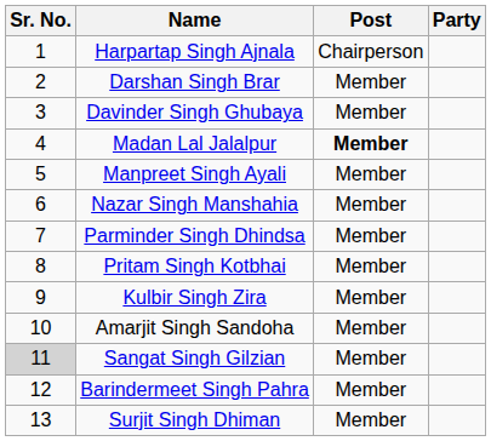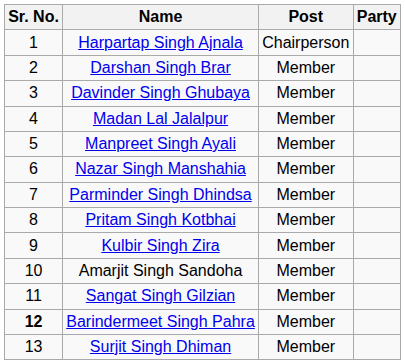 <table class="wikitable sortable">
 <tr>
 <th>Sr. No.</th>
 <th>Name</th>
 <th>Post</th>
 <th colspan="2">Party</th>
 </tr>
 <tr align="center">
 <td>1</td>
 <td><a href='#'>Harpartap Singh Ajnala</a></td>
 <td>Chairperson</td>
 <td></td>
 </tr>
 <tr align="center">
 <td>2</td>
 <td><a href='#'>Darshan Singh Brar</a></td>
 <td>Member</td>
 <td></td>
 </tr>
 <tr align="center">
 <td>3</td>
 <td><a href='#'>Davinder Singh Ghubaya</a></td>
 <td>Member</td>
 <td></td>
 </tr>
 <tr align="center">
 <td>4</td>
 <td><a href='#'>Madan Lal Jalalpur</a></td>
-<td><strong>Member</strong></td>
+<td>Member</td>
 <td></td>
 </tr>
 <tr align="center">
 <td>5</td>
 <td><a href='#'>Manpreet Singh Ayali</a></td>
 <td>Member</td>
 <td></td>
 </tr>
 <tr align="center">
 <td>6</td>
 <td><a href='#'>Nazar Singh Manshahia</a></td>
 <td>Member</td>
 <td></td>
 </tr>
 <tr align="center">
 <td>7</td>
 <td><a href='#'>Parminder Singh Dhindsa</a></td>
 <td>Member</td>
 <td></td>
 </tr>
 <tr align="center">
 <td>8</td>
 <td><a href='#'>Pritam Singh Kotbhai</a></td>
 <td>Member</td>
 <td></td>
 </tr>
 <tr align="center">
 <td>9</td>
 <td><a href='#'>Kulbir Singh Zira</a></td>
 <td>Member</td>
 <td></td>
 </tr>
 <tr align="center">
 <td>10</td>
 <td>Amarjit Singh Sandoha</td>
 <td>Member</td>
 <td></td>
 </tr>
 <tr align="center">
-<td style="background: lightgrey;">11</td>
+<td>11</td>
 <td><a href='#'>Sangat Singh Gilzian</a></td>
 <td>Member</td>
 <td></td>
 </tr>
 <tr align="center">
-<td>12</td>
+<td><strong>12</strong></td>
 <td><a href='#'>Barindermeet Singh Pahra</a></td>
 <td>Member</td>
 <td></td>
 </tr>
 <tr align="center">
 <td>13</td>
 <td><a href='#'>Surjit Singh Dhiman</a></td>
 <td>Member</td>
 <td></td>
 </tr>
 </table>
